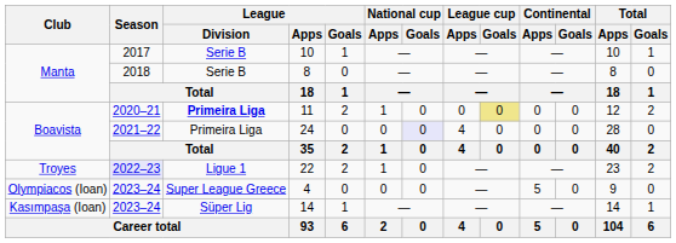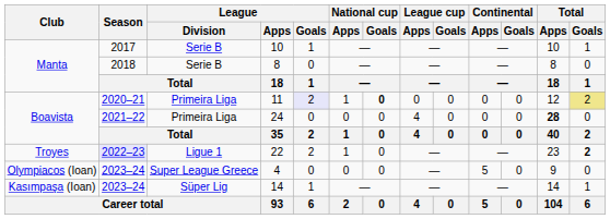 <table class="wikitable" style="text-align:center">
 <tr>
 <th rowspan="2">Club</th>
 <th rowspan="2">Season</th>
 <th colspan="3">League</th>
 <th colspan="2">National cup</th>
 <th colspan="2">League cup</th>
 <th colspan="2">Continental</th>
 <th colspan="2">Total</th>
 </tr>
 <tr>
 <th>Division</th>
 <th>Apps</th>
 <th>Goals</th>
 <th>Apps</th>
 <th>Goals</th>
 <th>Apps</th>
 <th>Goals</th>
 <th>Apps</th>
 <th>Goals</th>
 <th>Apps</th>
 <th>Goals</th>
 </tr>
 <tr>
 <td rowspan="3"><a href='#'>Manta</a></td>
 <td>2017</td>
 <td><a href='#'>Serie B</a></td>
 <td>10</td>
 <td>1</td>
 <td colspan="2">—</td>
 <td colspan="2">—</td>
 <td colspan="2">—</td>
 <td>10</td>
 <td>1</td>
 </tr>
 <tr>
 <td>2018</td>
 <td>Serie B</td>
 <td>8</td>
 <td>0</td>
 <td colspan="2">—</td>
 <td colspan="2">—</td>
 <td colspan="2">—</td>
 <td>8</td>
 <td>0</td>
 </tr>
 <tr>
 <th colspan="2">Total</th>
 <th>18</th>
 <th>1</th>
 <th colspan="2">—</th>
 <th colspan="2">—</th>
 <th colspan="2">—</th>
 <th>18</th>
 <th>1</th>
 </tr>
 <tr>
 <td rowspan="3"><a href='#'>Boavista</a></td>
 <td><a href='#'>2020–21</a></td>
-<td><strong><a href='#'>Primeira Liga</a></strong></td>
+<td><a href='#'>Primeira Liga</a></td>
 <td>11</td>
-<td>2</td>
+<td style="background: lavender;">2</td>
 <td>1</td>
+<td><strong>0</strong></td>
 <td>0</td>
 <td>0</td>
-<td style="background: khaki;">0</td>
 <td>0</td>
 <td>0</td>
 <td>12</td>
-<td>2</td>
+<td style="background: khaki;">2</td>
 </tr>
 <tr>
 <td><a href='#'>2021–22</a></td>
 <td>Primeira Liga</td>
 <td>24</td>
 <td>0</td>
 <td>0</td>
-<td style="background: lavender;">0</td>
+<td>0</td>
 <td>4</td>
 <td>0</td>
 <td>0</td>
 <td>0</td>
-<td>28</td>
+<td><strong>28</strong></td>
 <td>0</td>
 </tr>
 <tr>
 <th colspan="2">Total</th>
 <th>35</th>
 <th>2</th>
 <th>1</th>
 <th>0</th>
 <th>4</th>
 <th>0</th>
 <th>0</th>
 <th>0</th>
 <th>40</th>
 <th>2</th>
 </tr>
 <tr>
 <td><a href='#'>Troyes</a></td>
 <td style="background: lavender;"><a href='#'>2022–23</a></td>
 <td><a href='#'>Ligue 1</a></td>
 <td>22</td>
 <td>2</td>
 <td>1</td>
 <td>0</td>
 <td colspan="2">—</td>
 <td colspan="2">—</td>
 <td>23</td>
-<td>2</td>
+<td><strong>2</strong></td>
 </tr>
 <tr>
 <td><a href='#'>Olympiacos</a> (Ioan)</td>
 <td><a href='#'>2023–24</a></td>
 <td><a href='#'>Super League Greece</a></td>
 <td>4</td>
 <td>0</td>
 <td>0</td>
 <td>0</td>
 <td colspan="2">—</td>
 <td>5</td>
 <td>0</td>
 <td>9</td>
 <td>0</td>
 </tr>
 <tr>
 <td><a href='#'>Kasımpaşa</a> (Ioan)</td>
 <td><a href='#'>2023–24</a></td>
 <td><a href='#'>Süper Lig</a></td>
 <td>14</td>
 <td>1</td>
 <td colspan="2">—</td>
 <td colspan="2">—</td>
 <td colspan="2">—</td>
 <td>14</td>
 <td>1</td>
 </tr>
 <tr>
 <th colspan="3">Career total</th>
 <th>93</th>
 <th>6</th>
 <th>2</th>
 <th>0</th>
 <th>4</th>
 <th>0</th>
 <th>5</th>
 <th>0</th>
 <th>104</th>
 <th>6</th>
 </tr>
 </table>
